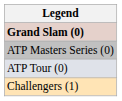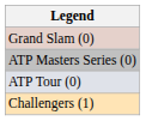 <table class=wikitable>
 <tr>
 <th>Legend</th>
 </tr>
 <tr bgcolor=e5d1cb>
-<td><strong>Grand Slam (0)</strong></td>
+<td>Grand Slam (0)</td>
 </tr>
 <tr bgcolor=silver>
 <td>ATP Masters Series (0)</td>
 </tr>
 <tr bgcolor=dfe2e9>
 <td>ATP Tour (0)</td>
 </tr>
 <tr bgcolor=moccasin>
 <td>Challengers (1)</td>
 </tr>
 </table>
